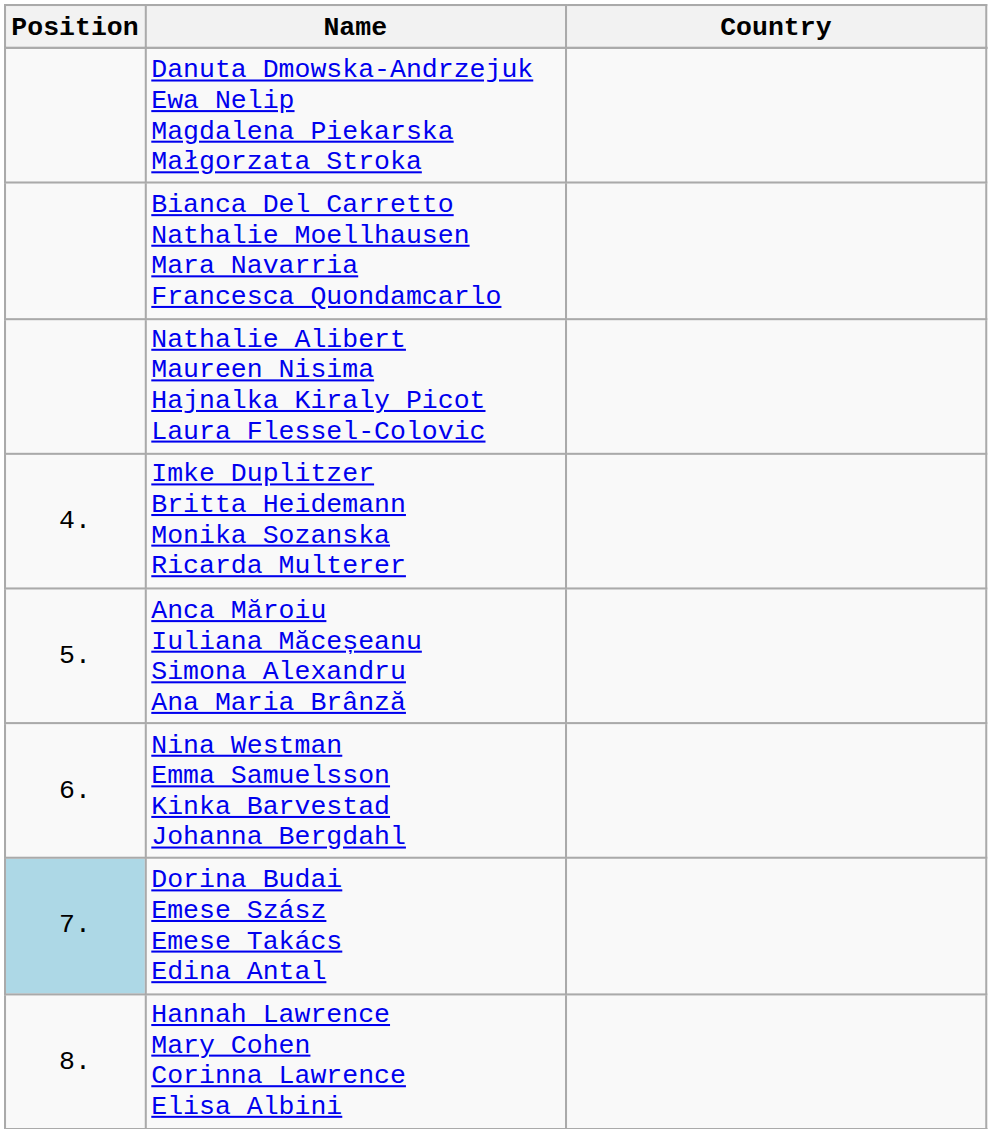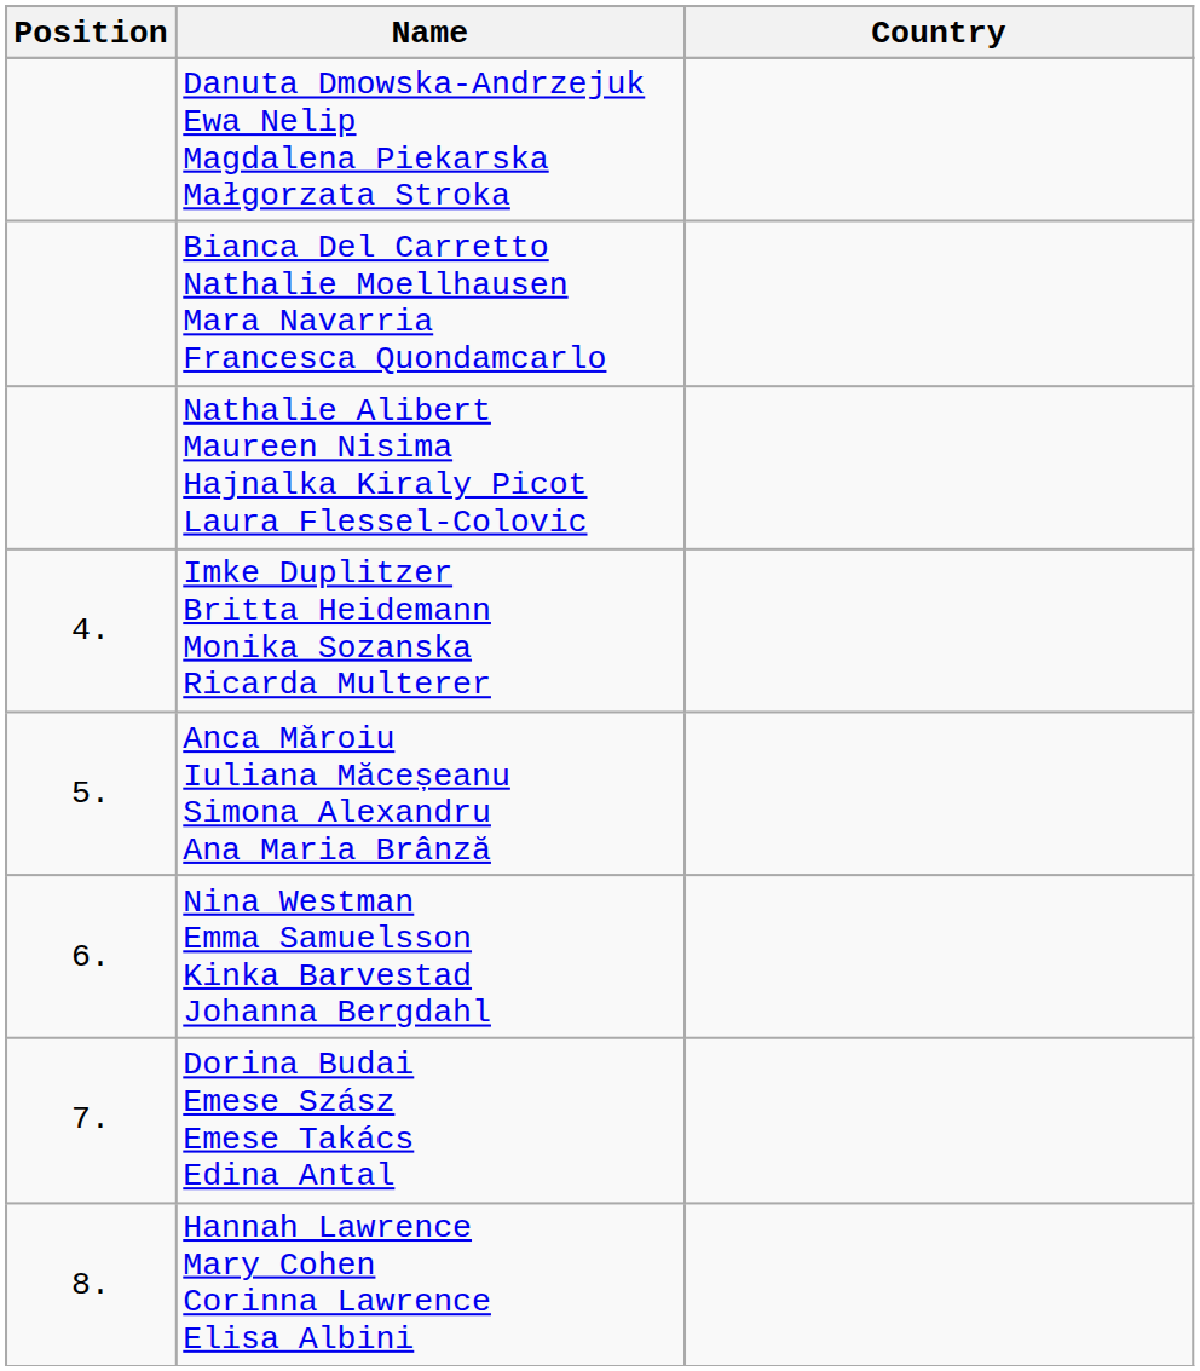 <table class="wikitable">
 <tr>
 <th width="20">Position</th>
 <th width="200">Name</th>
 <th width="200">Country</th>
 </tr>
 <tr>
 </tr>
 <tr>
 <td align="center"></td>
 <td><a href='#'>Danuta Dmowska-Andrzejuk</a><br><a href='#'>Ewa Nelip</a><br><a href='#'>Magdalena Piekarska</a><br><a href='#'>Małgorzata Stroka</a></td>
 <td></td>
 </tr>
 <tr>
 <td align="center"></td>
 <td><a href='#'>Bianca Del Carretto</a><br><a href='#'>Nathalie Moellhausen</a><br><a href='#'>Mara Navarria</a><br><a href='#'>Francesca Quondamcarlo</a></td>
 <td></td>
 </tr>
 <tr>
 <td align="center"></td>
 <td><a href='#'>Nathalie Alibert</a><br><a href='#'>Maureen Nisima</a><br><a href='#'>Hajnalka Kiraly Picot</a><br><a href='#'>Laura Flessel-Colovic</a></td>
 <td></td>
 </tr>
 <tr>
 <td align="center">4.</td>
 <td><a href='#'>Imke Duplitzer</a><br><a href='#'>Britta Heidemann</a><br><a href='#'>Monika Sozanska</a><br><a href='#'>Ricarda Multerer</a></td>
 <td></td>
 </tr>
 <tr>
 <td align="center">5.</td>
 <td><a href='#'>Anca Măroiu</a><br><a href='#'>Iuliana Măceșeanu</a><br><a href='#'>Simona Alexandru</a><br><a href='#'>Ana Maria Brânză</a></td>
 <td></td>
 </tr>
 <tr>
 <td align="center">6.</td>
 <td><a href='#'>Nina Westman</a><br><a href='#'>Emma Samuelsson</a><br><a href='#'>Kinka Barvestad</a><br><a href='#'>Johanna Bergdahl</a></td>
 <td></td>
 </tr>
 <tr>
-<td align="center" style="background: lightblue;">7.</td>
+<td align="center">7.</td>
 <td><a href='#'>Dorina Budai</a><br><a href='#'>Emese Szász</a><br><a href='#'>Emese Takács</a><br><a href='#'>Edina Antal</a></td>
 <td></td>
 </tr>
 <tr>
 <td align="center">8.</td>
 <td><a href='#'>Hannah Lawrence</a><br><a href='#'>Mary Cohen</a><br><a href='#'>Corinna Lawrence</a><br><a href='#'>Elisa Albini</a></td>
 <td></td>
 </tr>
 <tr>
 </tr>
 </table>
